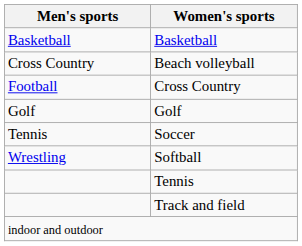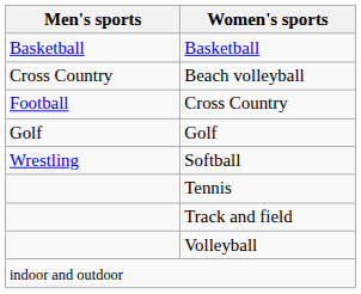 <table class= wikitable>
 <tr>
 <th width=150px>Men's sports</th>
 <th width=150px>Women's sports</th>
 </tr>
 <tr>
 <td><a href='#'>Basketball</a></td>
 <td><a href='#'>Basketball</a></td>
 </tr>
 <tr>
 <td>Cross Country</td>
 <td>Beach volleyball</td>
 </tr>
 <tr>
 <td><a href='#'>Football</a></td>
 <td>Cross Country</td>
 </tr>
 <tr>
 <td>Golf</td>
 <td>Golf</td>
 </tr>
 <tr>
-<td>Tennis</td>
-<td>Soccer</td>
-</tr>
-<tr>
 <td><a href='#'>Wrestling</a></td>
 <td>Softball</td>
 </tr>
 <tr>
 <td></td>
 <td>Tennis</td>
 </tr>
 <tr>
 <td></td>
 <td>Track and field</td>
 </tr>
 <tr>
+<td></td>
+<td>Volleyball</td>
+</tr>
+<tr>
 <td colspan=2><small>indoor and outdoor </small></td>
 </tr>
 </table>
